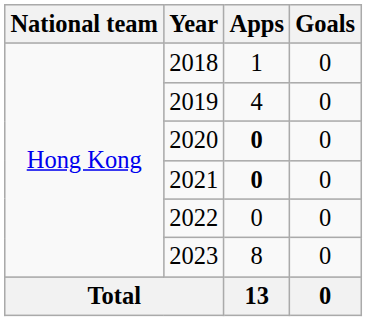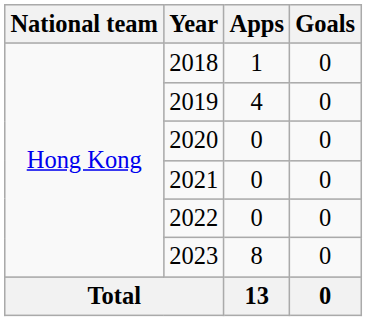 <table class="wikitable" style="text-align:center">
 <tr>
 <th>National team</th>
 <th>Year</th>
 <th>Apps</th>
 <th>Goals</th>
 </tr>
 <tr>
 <td rowspan="6"><a href='#'>Hong Kong</a></td>
 <td>2018</td>
 <td>1</td>
 <td>0</td>
 </tr>
 <tr>
 <td>2019</td>
 <td>4</td>
 <td>0</td>
 </tr>
 <tr>
 <td>2020</td>
-<td><strong>0</strong></td>
+<td>0</td>
 <td>0</td>
 </tr>
 <tr>
 <td>2021</td>
-<td><strong>0</strong></td>
+<td>0</td>
 <td>0</td>
 </tr>
 <tr>
 <td>2022</td>
 <td>0</td>
 <td>0</td>
 </tr>
 <tr>
 <td>2023</td>
 <td>8</td>
 <td>0</td>
 </tr>
 <tr>
 <th colspan="2">Total</th>
 <th>13</th>
 <th>0</th>
 </tr>
 </table>
